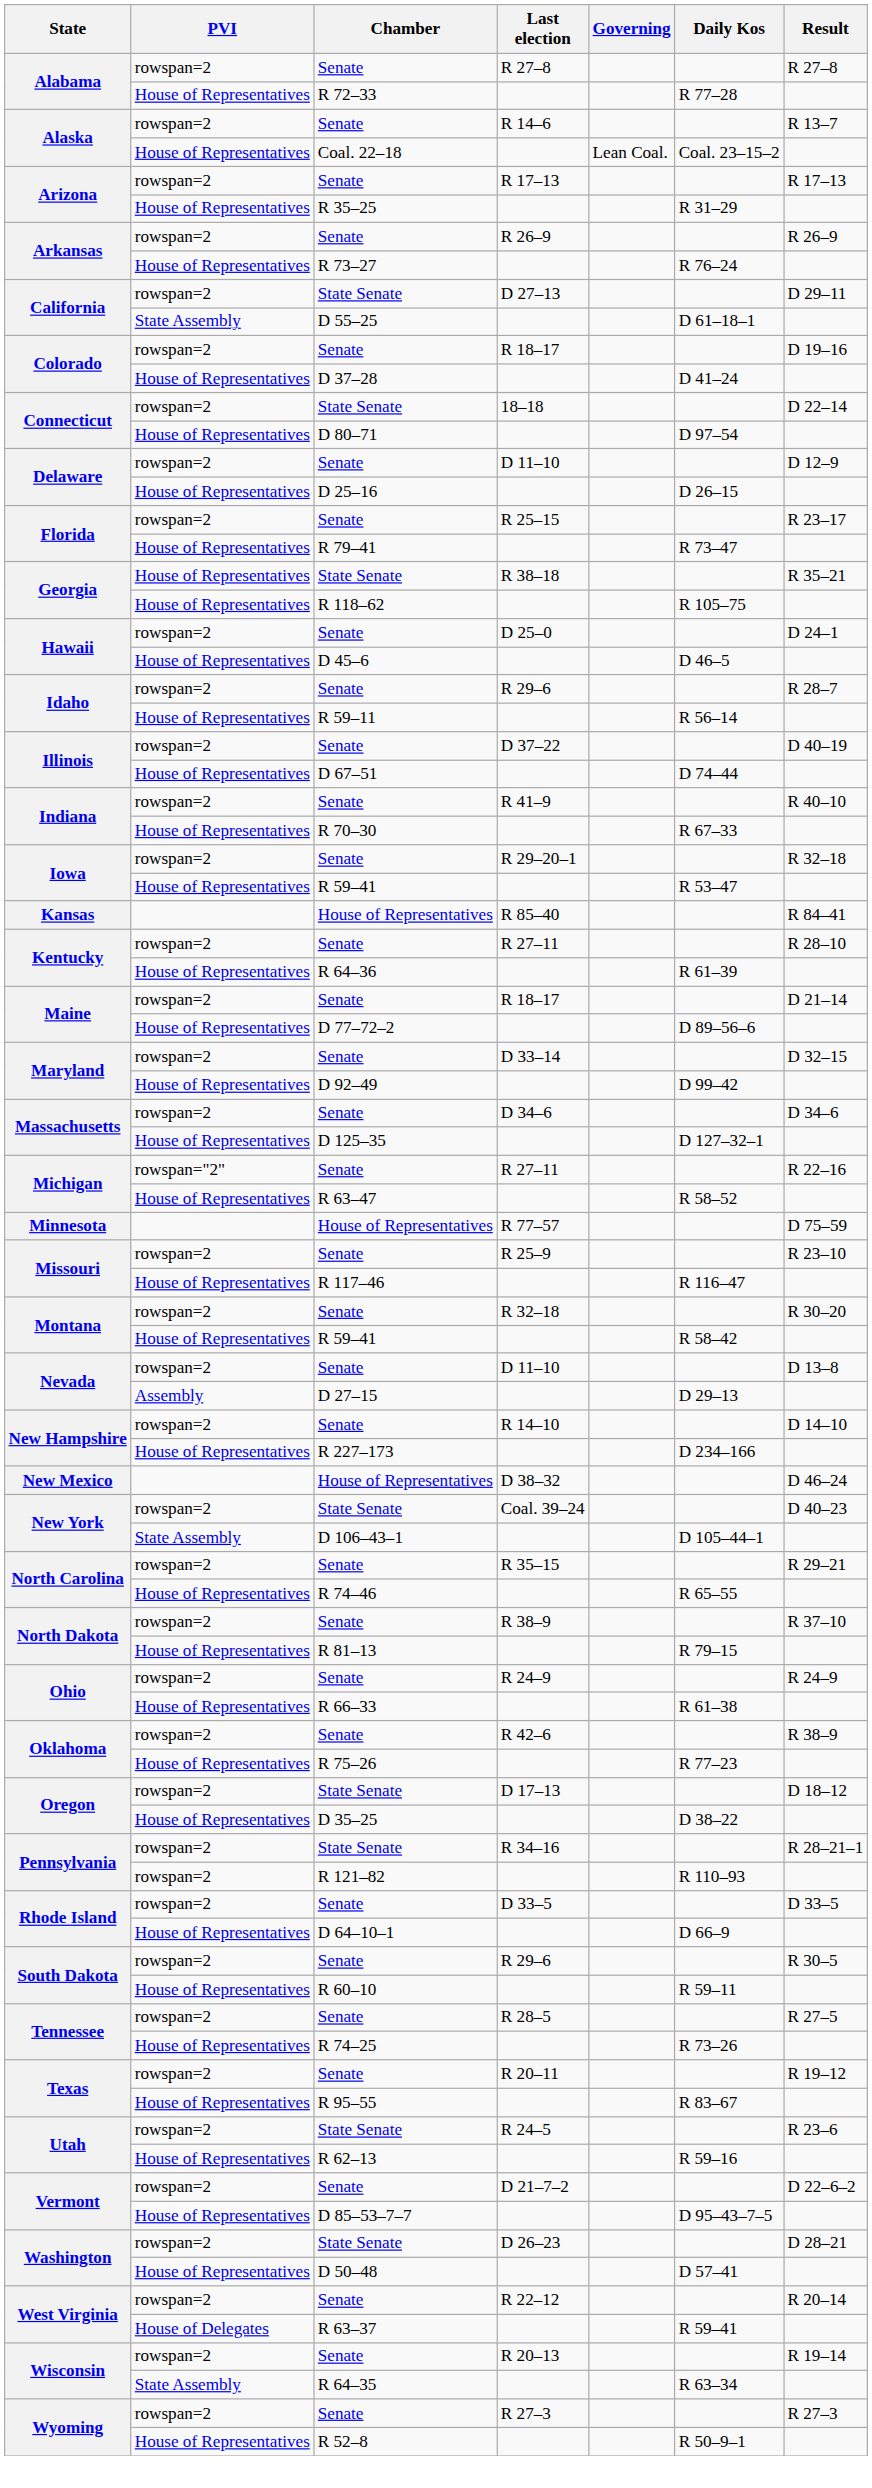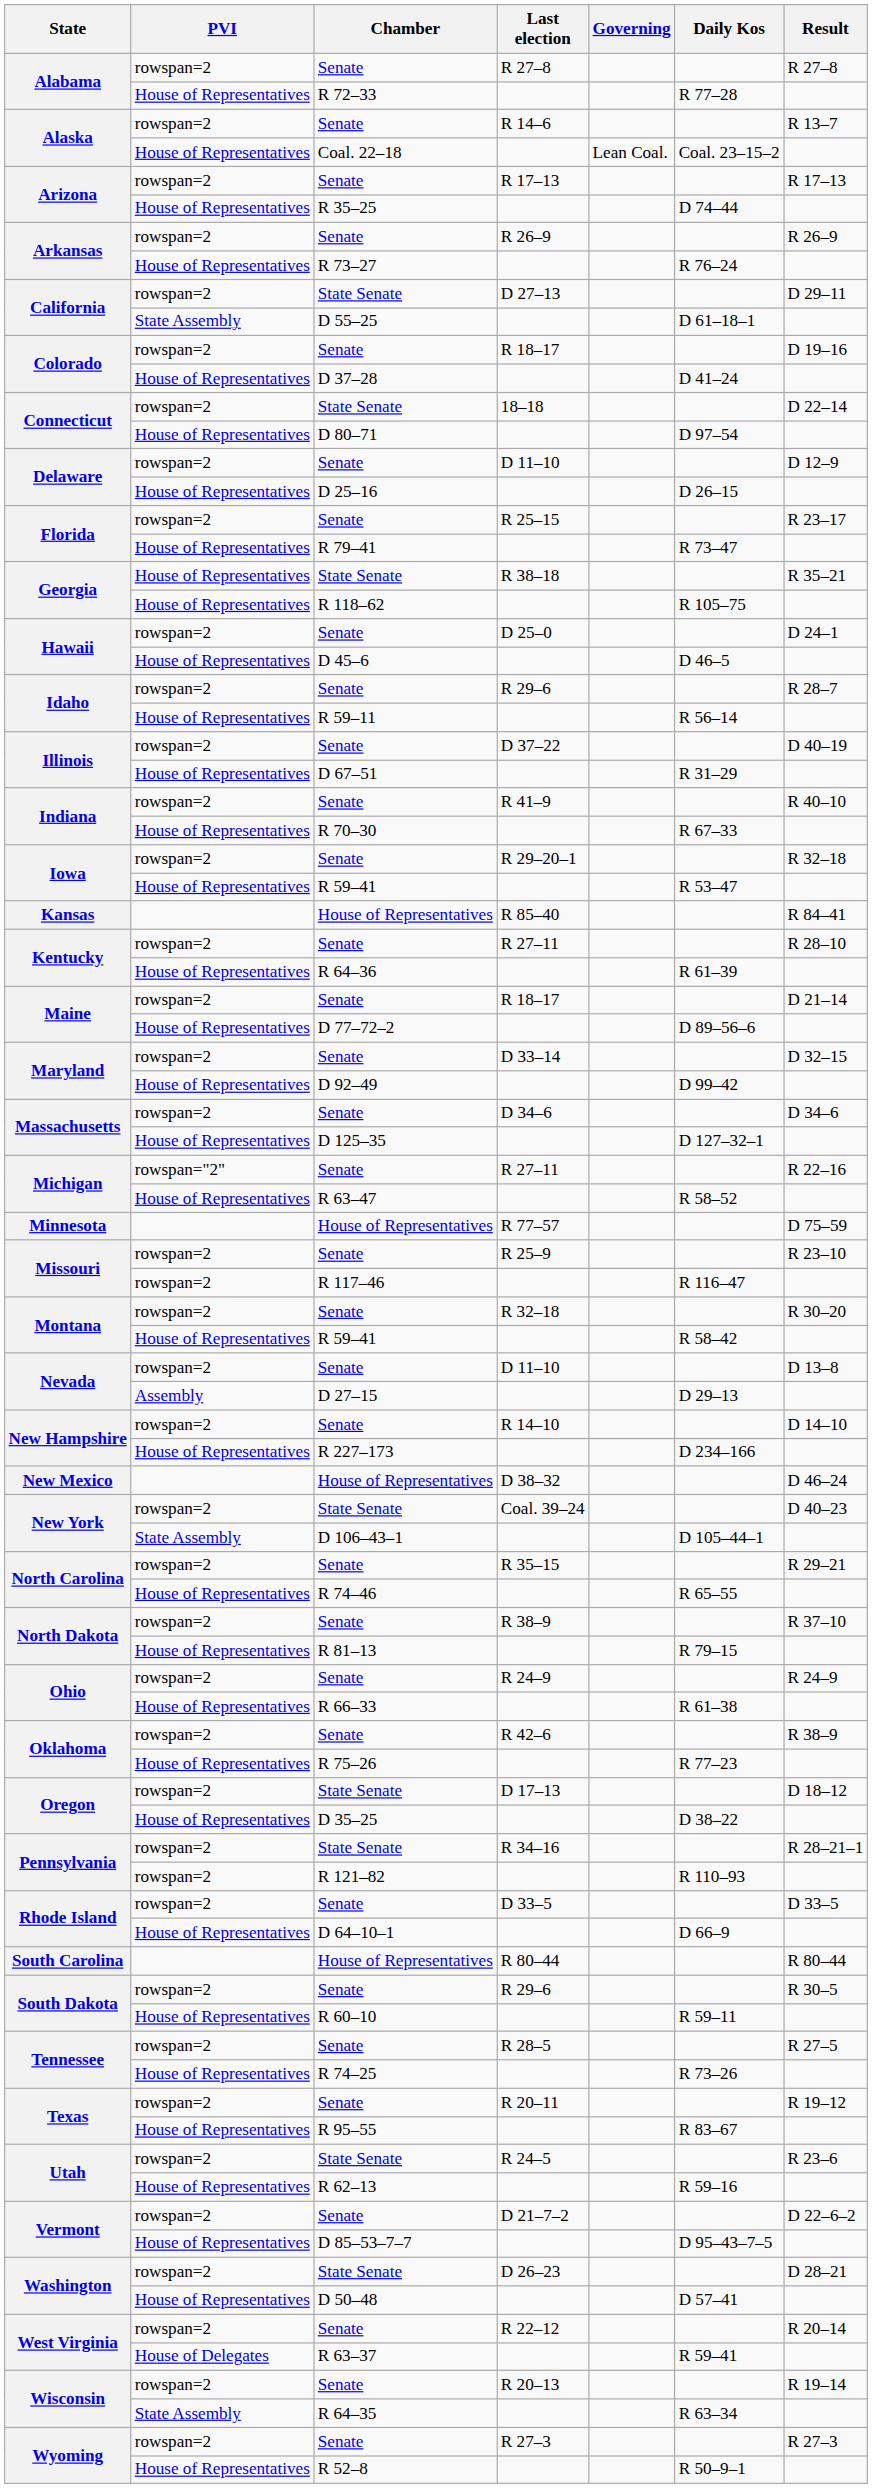 <table class="wikitable sortable" style="font-size:90%;">
 <tr>
 <th>State</th>
 <th><a href='#'>PVI</a></th>
 <th>Chamber</th>
 <th>Last<br>election</th>
 <th><a href='#'>Governing</a><br></th>
 <th>Daily Kos<br></th>
 <th>Result</th>
 </tr>
 <tr>
 <th rowspan="2"><a href='#'>Alabama</a></th>
 <td>rowspan=2 </td>
 <td><a href='#'>Senate</a></td>
 <td>R 27–8</td>
 <td></td>
 <td></td>
 <td data-sort-value="77.1" >R 27–8</td>
 </tr>
 <tr>
 <td><a href='#'>House of Representatives</a></td>
 <td>R 72–33</td>
 <td></td>
 <td></td>
 <td data-sort-value="73.3" >R 77–28</td>
 </tr>
 <tr>
 <th rowspan="2"><a href='#'>Alaska</a></th>
 <td>rowspan=2 </td>
 <td><a href='#'>Senate</a></td>
 <td>R 14–6</td>
 <td></td>
 <td></td>
 <td data-sort-value="65.0" >R 13–7</td>
 </tr>
 <tr>
 <td><a href='#'>House of Representatives</a></td>
 <td>Coal. 22–18</td>
 <td></td>
 <td>Lean Coal.</td>
 <td data-sort-value="-57.5" >Coal. 23–15–2</td>
 </tr>
 <tr>
 <th rowspan="2"><a href='#'>Arizona</a></th>
 <td>rowspan=2 </td>
 <td><a href='#'>Senate</a></td>
 <td>R 17–13</td>
 <td></td>
 <td></td>
 <td data-sort-value="56.7" >R 17–13</td>
 </tr>
 <tr>
 <td><a href='#'>House of Representatives</a></td>
 <td>R 35–25</td>
 <td></td>
 <td></td>
-<td data-sort-value="51.7" >R 31–29</td>
+<td data-sort-value="-62.7" >D 74–44</td>
 </tr>
 <tr>
 <th rowspan="2"><a href='#'>Arkansas</a></th>
 <td>rowspan=2 </td>
 <td><a href='#'>Senate</a></td>
 <td>R 26–9</td>
 <td></td>
 <td></td>
 <td data-sort-value="74.3" >R 26–9</td>
 </tr>
 <tr>
 <td><a href='#'>House of Representatives</a></td>
 <td>R 73–27</td>
 <td></td>
 <td></td>
 <td data-sort-value="76.0" >R 76–24</td>
 </tr>
 <tr>
 <th rowspan="2"><a href='#'>California</a></th>
 <td>rowspan=2 </td>
 <td><a href='#'>State Senate</a></td>
 <td>D 27–13</td>
 <td></td>
 <td></td>
 <td data-sort-value="-72.3" >D 29–11</td>
 </tr>
 <tr>
 <td><a href='#'>State Assembly</a></td>
 <td>D 55–25</td>
 <td></td>
 <td></td>
 <td data-sort-value="-76.3" >D 61–18–1</td>
 </tr>
 <tr>
 <th rowspan="2"><a href='#'>Colorado</a></th>
 <td>rowspan=2 </td>
 <td><a href='#'>Senate</a></td>
 <td>R 18–17</td>
 <td></td>
 <td></td>
 <td data-sort-value="-54.3" >D 19–16</td>
 </tr>
 <tr>
 <td><a href='#'>House of Representatives</a></td>
 <td>D 37–28</td>
 <td></td>
 <td></td>
 <td data-sort-value="-63.1" >D 41–24</td>
 </tr>
 <tr>
 <th rowspan="2"><a href='#'>Connecticut</a></th>
 <td>rowspan=2 </td>
 <td><a href='#'>State Senate</a></td>
 <td>18–18</td>
 <td></td>
 <td></td>
 <td data-sort-value="-61.1" >D 22–14</td>
 </tr>
 <tr>
 <td><a href='#'>House of Representatives</a></td>
 <td>D 80–71</td>
 <td></td>
 <td></td>
 <td data-sort-value="-64.2" >D 97–54</td>
 </tr>
 <tr>
 <th rowspan="2"><a href='#'>Delaware</a></th>
 <td>rowspan=2 </td>
 <td><a href='#'>Senate</a></td>
 <td>D 11–10</td>
 <td></td>
 <td></td>
 <td data-sort-value="-57.1" >D 12–9</td>
 </tr>
 <tr>
 <td><a href='#'>House of Representatives</a></td>
 <td>D 25–16</td>
 <td></td>
 <td></td>
 <td data-sort-value="-63.4" >D 26–15</td>
 </tr>
 <tr>
 <th rowspan="2"><a href='#'>Florida</a></th>
 <td>rowspan=2 </td>
 <td><a href='#'>Senate</a></td>
 <td>R 25–15</td>
 <td></td>
 <td></td>
 <td data-sort-value="57.5" >R 23–17</td>
 </tr>
 <tr>
 <td><a href='#'>House of Representatives</a></td>
 <td>R 79–41</td>
 <td></td>
 <td></td>
 <td data-sort-value="60.8" >R 73–47</td>
 </tr>
 <tr>
 <th rowspan="2"><a href='#'>Georgia</a></th>
 <td><a href='#'>House of Representatives</a></td>
 <td><a href='#'>State Senate</a></td>
 <td>R 38–18</td>
 <td></td>
 <td></td>
 <td data-sort-value="62.5" >R 35–21</td>
 </tr>
 <tr>
 <td><a href='#'>House of Representatives</a></td>
 <td>R 118–62</td>
 <td></td>
 <td></td>
 <td data-sort-value="58.3" >R 105–75</td>
 </tr>
 <tr>
 <th rowspan="2"><a href='#'>Hawaii</a></th>
 <td>rowspan=2 </td>
 <td><a href='#'>Senate</a></td>
 <td>D 25–0</td>
 <td></td>
 <td></td>
 <td data-sort-value="-96.0" >D 24–1</td>
 </tr>
 <tr>
 <td><a href='#'>House of Representatives</a></td>
 <td>D 45–6</td>
 <td></td>
 <td></td>
 <td data-sort-value="-90.2" >D 46–5</td>
 </tr>
 <tr>
 <th rowspan="2"><a href='#'>Idaho</a></th>
 <td>rowspan=2 </td>
 <td><a href='#'>Senate</a></td>
 <td>R 29–6</td>
 <td></td>
 <td></td>
 <td data-sort-value="80.0" >R 28–7</td>
 </tr>
 <tr>
 <td><a href='#'>House of Representatives</a></td>
 <td>R 59–11</td>
 <td></td>
 <td></td>
 <td data-sort-value="80.0" >R 56–14</td>
 </tr>
 <tr>
 <th rowspan="2"><a href='#'>Illinois</a></th>
 <td>rowspan=2 </td>
 <td><a href='#'>Senate</a></td>
 <td>D 37–22</td>
 <td></td>
 <td></td>
 <td data-sort-value="-67.8" >D 40–19</td>
 </tr>
 <tr>
 <td><a href='#'>House of Representatives</a></td>
 <td>D 67–51</td>
 <td></td>
 <td></td>
-<td data-sort-value="-62.7" >D 74–44</td>
+<td data-sort-value="51.7" >R 31–29</td>
 </tr>
 <tr>
 <th rowspan="2"><a href='#'>Indiana</a></th>
 <td>rowspan=2 </td>
 <td><a href='#'>Senate</a></td>
 <td>R 41–9</td>
 <td></td>
 <td></td>
 <td data-sort-value="80.0" >R 40–10</td>
 </tr>
 <tr>
 <td><a href='#'>House of Representatives</a></td>
 <td>R 70–30</td>
 <td></td>
 <td></td>
 <td data-sort-value="67.0" >R 67–33</td>
 </tr>
 <tr>
 <th rowspan="2"><a href='#'>Iowa</a></th>
 <td>rowspan=2 </td>
 <td><a href='#'>Senate</a></td>
 <td>R 29–20–1</td>
 <td></td>
 <td></td>
 <td data-sort-value="64.0" >R 32–18</td>
 </tr>
 <tr>
 <td><a href='#'>House of Representatives</a></td>
 <td>R 59–41</td>
 <td></td>
 <td></td>
 <td data-sort-value="53.0" >R 53–47</td>
 </tr>
 <tr>
 <th><a href='#'>Kansas</a></th>
 <td></td>
 <td><a href='#'>House of Representatives</a></td>
 <td>R 85–40</td>
 <td></td>
 <td></td>
 <td data-sort-value="67.2" >R 84–41</td>
 </tr>
 <tr>
 <th rowspan="2"><a href='#'>Kentucky</a></th>
 <td>rowspan=2 </td>
 <td><a href='#'>Senate</a></td>
 <td>R 27–11</td>
 <td></td>
 <td></td>
 <td data-sort-value="73.7" >R 28–10</td>
 </tr>
 <tr>
 <td><a href='#'>House of Representatives</a></td>
 <td>R 64–36</td>
 <td></td>
 <td></td>
 <td data-sort-value="61.0" >R 61–39</td>
 </tr>
 <tr>
 <th rowspan="2"><a href='#'>Maine</a></th>
 <td>rowspan=2 </td>
 <td><a href='#'>Senate</a></td>
 <td>R 18–17</td>
 <td></td>
 <td></td>
 <td data-sort-value="-60.0" >D 21–14</td>
 </tr>
 <tr>
 <td><a href='#'>House of Representatives</a></td>
 <td>D 77–72–2</td>
 <td></td>
 <td></td>
 <td data-sort-value="-59.0" >D 89–56–6</td>
 </tr>
 <tr>
 <th rowspan="2"><a href='#'>Maryland</a></th>
 <td>rowspan=2 </td>
 <td><a href='#'>Senate</a></td>
 <td>D 33–14</td>
 <td></td>
 <td></td>
 <td data-sort-value="-68.1" >D 32–15</td>
 </tr>
 <tr>
 <td><a href='#'>House of Representatives</a></td>
 <td>D 92–49</td>
 <td></td>
 <td></td>
 <td data-sort-value="-70.2" >D 99–42</td>
 </tr>
 <tr>
 <th rowspan="2"><a href='#'>Massachusetts</a></th>
 <td>rowspan=2 </td>
 <td><a href='#'>Senate</a></td>
 <td>D 34–6</td>
 <td></td>
 <td></td>
 <td data-sort-value="-85.0" >D 34–6</td>
 </tr>
 <tr>
 <td><a href='#'>House of Representatives</a></td>
 <td>D 125–35</td>
 <td></td>
 <td></td>
 <td data-sort-value="-79.4" >D 127–32–1</td>
 </tr>
 <tr>
 <th rowspan="2"><a href='#'>Michigan</a></th>
 <td>rowspan="2" </td>
 <td><a href='#'>Senate</a></td>
 <td>R 27–11</td>
 <td></td>
 <td></td>
 <td data-sort-value="57.9" >R 22–16</td>
 </tr>
 <tr>
 <td><a href='#'>House of Representatives</a></td>
 <td>R 63–47</td>
 <td></td>
 <td></td>
 <td data-sort-value="50.9" >R 58–52</td>
 </tr>
 <tr>
 <th><a href='#'>Minnesota</a></th>
 <td></td>
 <td><a href='#'>House of Representatives</a></td>
 <td>R 77–57</td>
 <td></td>
 <td></td>
 <td data-sort-value="-56.0" >D 75–59</td>
 </tr>
 <tr>
 <th rowspan="2"><a href='#'>Missouri</a></th>
 <td>rowspan=2 </td>
 <td><a href='#'>Senate</a></td>
 <td>R 25–9</td>
 <td></td>
 <td></td>
 <td data-sort-value="70.6" >R 23–10</td>
 </tr>
 <tr>
-<td><a href='#'>House of Representatives</a></td>
+<td>rowspan=2 </td>
 <td>R 117–46</td>
 <td></td>
 <td></td>
 <td data-sort-value="71.2" >R 116–47</td>
 </tr>
 <tr>
 <th rowspan="2"><a href='#'>Montana</a></th>
 <td>rowspan=2 </td>
 <td><a href='#'>Senate</a></td>
 <td>R 32–18</td>
 <td></td>
 <td></td>
 <td data-sort-value="60.0" >R 30–20</td>
 </tr>
 <tr>
 <td><a href='#'>House of Representatives</a></td>
 <td>R 59–41</td>
 <td></td>
 <td></td>
 <td data-sort-value="58.0" >R 58–42</td>
 </tr>
 <tr>
 <th rowspan="2"><a href='#'>Nevada</a></th>
 <td>rowspan=2 </td>
 <td><a href='#'>Senate</a></td>
 <td>D 11–10</td>
 <td></td>
 <td></td>
 <td data-sort-value="-61.9" >D 13–8</td>
 </tr>
 <tr>
 <td><a href='#'>Assembly</a></td>
 <td>D 27–15</td>
 <td></td>
 <td></td>
 <td data-sort-value="-61.9" >D 29–13</td>
 </tr>
 <tr>
 <th rowspan="2"><a href='#'>New Hampshire</a></th>
 <td>rowspan=2 </td>
 <td><a href='#'>Senate</a></td>
 <td>R 14–10</td>
 <td></td>
 <td></td>
 <td data-sort-value="-58.3" >D 14–10</td>
 </tr>
 <tr>
 <td><a href='#'>House of Representatives</a></td>
 <td>R 227–173</td>
 <td></td>
 <td></td>
 <td data-sort-value="-58.5" >D 234–166</td>
 </tr>
 <tr>
 <th><a href='#'>New Mexico</a></th>
 <td></td>
 <td><a href='#'>House of Representatives</a></td>
 <td>D 38–32</td>
 <td></td>
 <td></td>
 <td data-sort-value="-65.7" >D 46–24</td>
 </tr>
 <tr>
 <th rowspan="2"><a href='#'>New York</a></th>
 <td>rowspan=2 </td>
 <td><a href='#'>State Senate</a></td>
 <td>Coal. 39–24</td>
 <td></td>
 <td></td>
 <td data-sort-value="-63.5" >D 40–23</td>
 </tr>
 <tr>
 <td><a href='#'>State Assembly</a></td>
 <td>D 106–43–1</td>
 <td></td>
 <td></td>
 <td data-sort-value="-70.7" >D 105–44–1</td>
 </tr>
 <tr>
 <th rowspan="2"><a href='#'>North Carolina</a></th>
 <td>rowspan=2 </td>
 <td><a href='#'>Senate</a></td>
 <td>R 35–15</td>
 <td></td>
 <td></td>
 <td data-sort-value="58.0" >R 29–21</td>
 </tr>
 <tr>
 <td><a href='#'>House of Representatives</a></td>
 <td>R 74–46</td>
 <td></td>
 <td></td>
 <td data-sort-value="54.1" >R 65–55</td>
 </tr>
 <tr>
 <th rowspan="2"><a href='#'>North Dakota</a></th>
 <td>rowspan=2 </td>
 <td><a href='#'>Senate</a></td>
 <td>R 38–9</td>
 <td></td>
 <td></td>
 <td data-sort-value="78.7" >R 37–10</td>
 </tr>
 <tr>
 <td><a href='#'>House of Representatives</a></td>
 <td>R 81–13</td>
 <td></td>
 <td></td>
 <td data-sort-value="84.0" >R 79–15</td>
 </tr>
 <tr>
 <th rowspan="2"><a href='#'>Ohio</a></th>
 <td>rowspan=2 </td>
 <td><a href='#'>Senate</a></td>
 <td>R 24–9</td>
 <td></td>
 <td></td>
 <td data-sort-value="72.7" >R 24–9</td>
 </tr>
 <tr>
 <td><a href='#'>House of Representatives</a></td>
 <td>R 66–33</td>
 <td></td>
 <td></td>
 <td data-sort-value="61.6" >R 61–38</td>
 </tr>
 <tr>
 <th rowspan="2"><a href='#'>Oklahoma</a></th>
 <td>rowspan=2 </td>
 <td><a href='#'>Senate</a></td>
 <td>R 42–6</td>
 <td></td>
 <td></td>
 <td data-sort-value="81.3" >R 38–9</td>
 </tr>
 <tr>
 <td><a href='#'>House of Representatives</a></td>
 <td>R 75–26</td>
 <td></td>
 <td></td>
 <td data-sort-value="76.2" >R 77–23</td>
 </tr>
 <tr>
 <th rowspan="2"><a href='#'>Oregon</a></th>
 <td>rowspan=2 </td>
 <td><a href='#'>State Senate</a></td>
 <td>D 17–13</td>
 <td></td>
 <td></td>
 <td data-sort-value="-60.0" >D 18–12</td>
 </tr>
 <tr>
 <td><a href='#'>House of Representatives</a></td>
 <td>D 35–25</td>
 <td></td>
 <td></td>
 <td data-sort-value="-63.3" >D 38–22</td>
 </tr>
 <tr>
 <th rowspan="2"><a href='#'>Pennsylvania</a></th>
 <td>rowspan=2 </td>
 <td><a href='#'>State Senate</a></td>
 <td>R 34–16</td>
 <td></td>
 <td></td>
 <td data-sort-value="56.0" >R 28–21–1</td>
 </tr>
 <tr>
 <td>rowspan=2 </td>
 <td>R 121–82</td>
 <td></td>
 <td></td>
 <td data-sort-value="54.2" >R 110–93</td>
 </tr>
 <tr>
 <th rowspan="2"><a href='#'>Rhode Island</a></th>
 <td>rowspan=2 </td>
 <td><a href='#'>Senate</a></td>
 <td>D 33–5</td>
 <td></td>
 <td></td>
 <td data-sort-value="-86.8" >D 33–5</td>
 </tr>
 <tr>
 <td><a href='#'>House of Representatives</a></td>
 <td>D 64–10–1</td>
 <td></td>
 <td></td>
 <td data-sort-value="-88.0" >D 66–9</td>
 </tr>
 <tr>
+<th><a href='#'>South Carolina</a></th>
+<td></td>
+<td><a href='#'>House of Representatives</a></td>
+<td>R 80–44</td>
+<td></td>
+<td></td>
+<td data-sort-value="64.5" >R 80–44</td>
+</tr>
+<tr>
 <th rowspan="2"><a href='#'>South Dakota</a></th>
 <td>rowspan=2 </td>
 <td><a href='#'>Senate</a></td>
 <td>R 29–6</td>
 <td></td>
 <td></td>
 <td data-sort-value="85.7" >R 30–5</td>
 </tr>
 <tr>
 <td><a href='#'>House of Representatives</a></td>
 <td>R 60–10</td>
 <td></td>
 <td></td>
 <td data-sort-value="84.2" >R 59–11</td>
 </tr>
 <tr>
 <th rowspan="2"><a href='#'>Tennessee</a></th>
 <td>rowspan=2 </td>
 <td><a href='#'>Senate</a></td>
 <td>R 28–5</td>
 <td></td>
 <td></td>
 <td data-sort-value="81.8" >R 27–5</td>
 </tr>
 <tr>
 <td><a href='#'>House of Representatives</a></td>
 <td>R 74–25</td>
 <td></td>
 <td></td>
 <td data-sort-value="73.7" >R 73–26</td>
 </tr>
 <tr>
 <th rowspan="2"><a href='#'>Texas</a></th>
 <td>rowspan=2 </td>
 <td><a href='#'>Senate</a></td>
 <td>R 20–11</td>
 <td></td>
 <td></td>
 <td data-sort-value="61.3" >R 19–12</td>
 </tr>
 <tr>
 <td><a href='#'>House of Representatives</a></td>
 <td>R 95–55</td>
 <td></td>
 <td></td>
 <td data-sort-value="56.7" >R 83–67</td>
 </tr>
 <tr>
 <th rowspan="2"><a href='#'>Utah</a></th>
 <td>rowspan=2 </td>
 <td><a href='#'>State Senate</a></td>
 <td>R 24–5</td>
 <td></td>
 <td></td>
 <td data-sort-value="79.3" >R 23–6</td>
 </tr>
 <tr>
 <td><a href='#'>House of Representatives</a></td>
 <td>R 62–13</td>
 <td></td>
 <td></td>
 <td data-sort-value="78.7" >R 59–16</td>
 </tr>
 <tr>
 <th rowspan="2"><a href='#'>Vermont</a></th>
 <td>rowspan=2 </td>
 <td><a href='#'>Senate</a></td>
 <td>D 21–7–2</td>
 <td></td>
 <td></td>
 <td data-sort-value="-73.3" >D 22–6–2</td>
 </tr>
 <tr>
 <td><a href='#'>House of Representatives</a></td>
 <td>D 85–53–7–7</td>
 <td></td>
 <td></td>
 <td data-sort-value="-63.3" >D 95–43–7–5</td>
 </tr>
 <tr>
 <th rowspan="2"><a href='#'>Washington</a></th>
 <td>rowspan=2 </td>
 <td><a href='#'>State Senate</a></td>
 <td>D 26–23</td>
 <td></td>
 <td></td>
 <td data-sort-value="-57.1" >D 28–21</td>
 </tr>
 <tr>
 <td><a href='#'>House of Representatives</a></td>
 <td>D 50–48</td>
 <td></td>
 <td></td>
 <td data-sort-value="-58.2" >D 57–41</td>
 </tr>
 <tr>
 <th rowspan="2"><a href='#'>West Virginia</a></th>
 <td>rowspan=2 </td>
 <td><a href='#'>Senate</a></td>
 <td>R 22–12</td>
 <td></td>
 <td></td>
 <td data-sort-value="58.8" >R 20–14</td>
 </tr>
 <tr>
 <td><a href='#'>House of Delegates</a></td>
 <td>R 63–37</td>
 <td></td>
 <td></td>
 <td data-sort-value="59.0" >R 59–41</td>
 </tr>
 <tr>
 <th rowspan="2"><a href='#'>Wisconsin</a></th>
 <td>rowspan=2 </td>
 <td><a href='#'>Senate</a></td>
 <td>R 20–13</td>
 <td></td>
 <td></td>
 <td data-sort-value="57.5" >R 19–14</td>
 </tr>
 <tr>
 <td><a href='#'>State Assembly</a></td>
 <td>R 64–35</td>
 <td></td>
 <td></td>
 <td data-sort-value="63.6" >R 63–34</td>
 </tr>
 <tr>
 <th rowspan="2"><a href='#'>Wyoming</a></th>
 <td>rowspan=2 </td>
 <td><a href='#'>Senate</a></td>
 <td>R 27–3</td>
 <td></td>
 <td></td>
 <td data-sort-value="90.0" >R 27–3</td>
 </tr>
 <tr>
 <td><a href='#'>House of Representatives</a></td>
 <td>R 52–8</td>
 <td></td>
 <td></td>
 <td data-sort-value="83.3" >R 50–9–1</td>
 </tr>
 </table>
